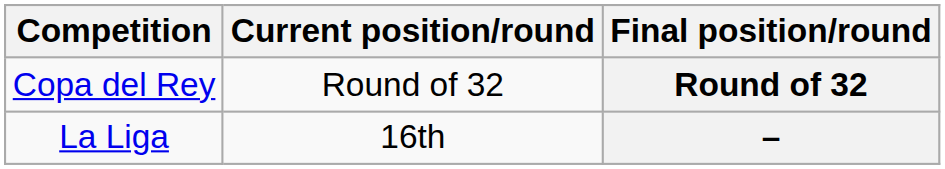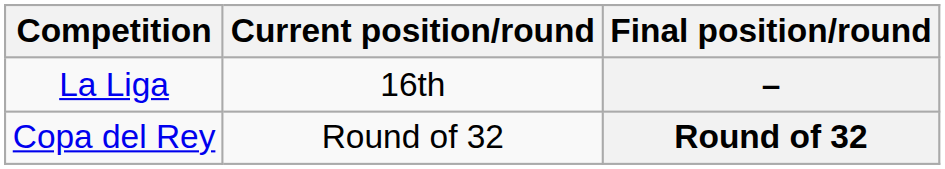 <table class="wikitable" style="font-size:100%; text-align:center">
 <tr>
 <th>Competition</th>
 <th>Current position/round</th>
 <th>Final position/round</th>
 </tr>
 <tr style="background:">
+<td><a href='#'>La Liga</a></td>
+<td>16th</td>
+<th>–</th>
+</tr>
+<tr style="background:">
 <td><a href='#'>Copa del Rey</a></td>
 <td>Round of 32</td>
 <th>Round of 32</th>
 </tr>
-<tr style="background:">
-<td><a href='#'>La Liga</a></td>
-<td>16th</td>
-<th>–</th>
-</tr>
 </table>
